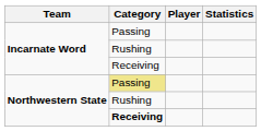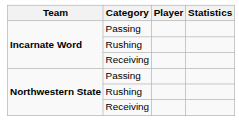 <table class="wikitable" style="float: right;">
 <tr>
 <th>Team</th>
 <th>Category</th>
 <th>Player</th>
 <th>Statistics</th>
 </tr>
 <tr>
 <td rowspan=3><strong>Incarnate Word</strong></td>
 <td>Passing</td>
 <td></td>
 <td></td>
 </tr>
 <tr>
 <td>Rushing</td>
 <td></td>
 <td></td>
 </tr>
 <tr>
 <td>Receiving</td>
 <td></td>
 <td></td>
 </tr>
 <tr>
 <td rowspan=3><strong>Northwestern State</strong></td>
-<td style="background: khaki;">Passing</td>
+<td>Passing</td>
 <td></td>
 <td></td>
 </tr>
 <tr>
 <td>Rushing</td>
 <td></td>
 <td></td>
 </tr>
 <tr>
-<td><strong>Receiving</strong></td>
+<td>Receiving</td>
 <td></td>
 <td></td>
 </tr>
 </table>
